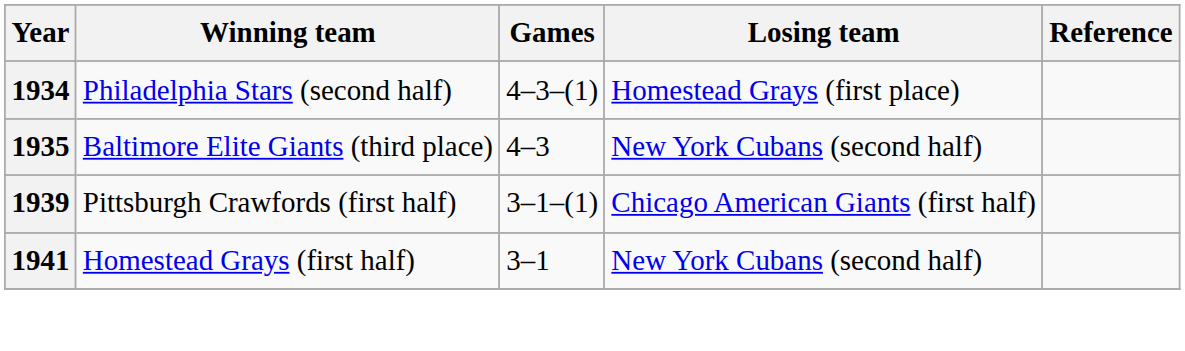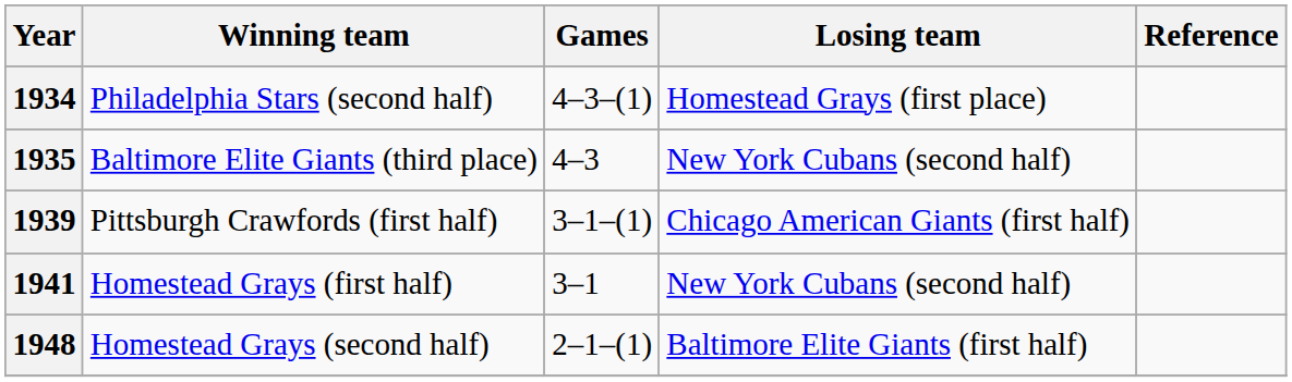 <table class="wikitable sortable plainrowheaders" style="font-size:1.00em; line-height:1.5em;">
 <tr>
 <th scope="col">Year</th>
 <th scope="col">Winning team</th>
 <th scope="col">Games</th>
 <th scope="col">Losing team</th>
 <th scope="col">Reference</th>
 </tr>
 <tr>
 <th scope="row" style="text-align:center">1934</th>
 <td align="left"><a href='#'>Philadelphia Stars</a> (second half)</td>
 <td>4–3–(1)</td>
 <td><a href='#'>Homestead Grays</a> (first place)</td>
 <td></td>
 </tr>
 <tr>
 <th scope="row" style="text-align:center">1935</th>
 <td align="left"><a href='#'>Baltimore Elite Giants</a> (third place)</td>
 <td>4–3</td>
 <td><a href='#'>New York Cubans</a> (second half)</td>
 <td></td>
 </tr>
 <tr>
 <th scope="row" style="text-align:center">1939</th>
 <td align="left">Pittsburgh Crawfords (first half)</td>
 <td>3–1–(1)</td>
 <td><a href='#'>Chicago American Giants</a> (first half)</td>
 <td></td>
 </tr>
 <tr>
 <th scope="row" style="text-align:center">1941</th>
 <td align="left"><a href='#'>Homestead Grays</a> (first half)</td>
 <td>3–1</td>
 <td><a href='#'>New York Cubans</a> (second half)</td>
 <td></td>
 </tr>
 <tr>
+<th scope="row" style="text-align:center">1948</th>
+<td align="left"><a href='#'>Homestead Grays</a> (second half)</td>
+<td>2–1–(1)</td>
+<td><a href='#'>Baltimore Elite Giants</a> (first half)</td>
+<td></td>
+</tr>
+<tr>
 </tr>
 </table>
